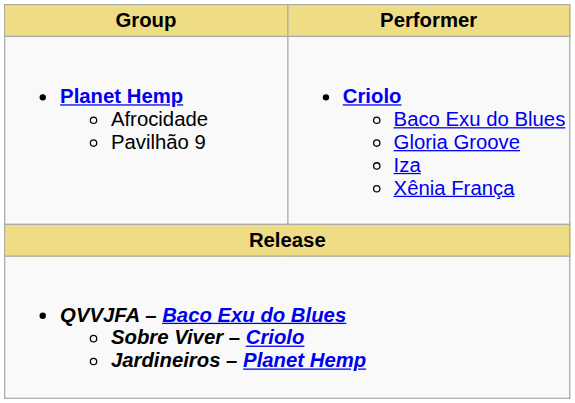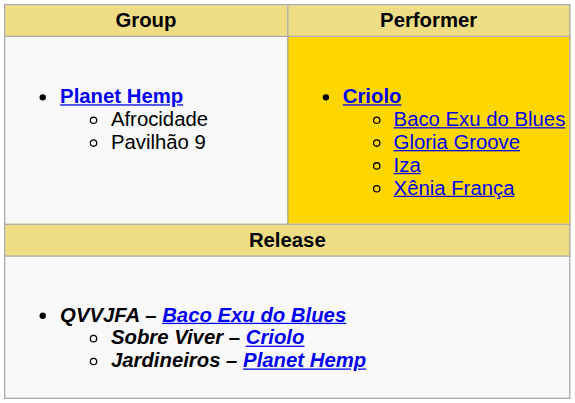 <table class="wikitable" style="width=">
 <tr>
 <th style="background:#EEDD85; width:50%">Group</th>
 <th style="background:#EEDD85; width:50%">Performer</th>
 </tr>
 <tr>
 <td style="vertical-align:top"><br><ul><li><strong><a href='#'>Planet Hemp</a></strong><ul><li>Afrocidade</li><li>Pavilhão 9</li></ul></li></ul></td>
-<td style="vertical-align:top"><br><ul><li><strong><a href='#'>Criolo</a></strong><ul><li><a href='#'>Baco Exu do Blues</a></li><li><a href='#'>Gloria Groove</a></li><li><a href='#'>Iza</a></li><li><a href='#'>Xênia França</a></li></ul></li></ul></td>
+<td style="background: gold; vertical-align:top"><br><ul><li><strong><a href='#'>Criolo</a></strong><ul><li><a href='#'>Baco Exu do Blues</a></li><li><a href='#'>Gloria Groove</a></li><li><a href='#'>Iza</a></li><li><a href='#'>Xênia França</a></li></ul></li></ul></td>
 </tr>
 <tr>
 <th colspan="2" style="background:#EEDD85; width:50%">Release</th>
 </tr>
 <tr>
 <td colspan="2" style="vertical-align:top"><br><ul><li><strong><em>QVVJFA<em> – <a href='#'>Baco Exu do Blues</a><strong><ul><li></em>Sobre Viver<em> – <a href='#'>Criolo</a></li><li></em>Jardineiros<em> – <a href='#'>Planet Hemp</a></li></ul></li></ul></td>
 </tr>
 </table>
